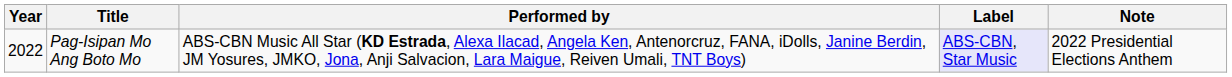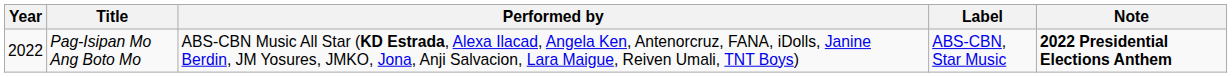 <table class="wikitable">
 <tr>
 <th>Year</th>
 <th>Title</th>
 <th>Performed by</th>
 <th>Label</th>
 <th>Note</th>
 </tr>
 <tr>
 <td>2022</td>
 <td><em>Pag-Isipan Mo Ang Boto Mo</em></td>
 <td>ABS-CBN Music All Star (<strong>KD Estrada</strong>, <a href='#'>Alexa Ilacad</a>, <a href='#'>Angela Ken</a>, Antenorcruz, FANA, iDolls, <a href='#'>Janine Berdin</a>, JM Yosures, JMKO, <a href='#'>Jona</a>, Anji Salvacion, <a href='#'>Lara Maigue</a>, Reiven Umali, <a href='#'>TNT Boys</a>)</td>
-<td style="background: lavender;"><a href='#'>ABS-CBN</a>, <a href='#'>Star Music</a></td>
-<td>2022 Presidential Elections Anthem</td>
+<td><a href='#'>ABS-CBN</a>, <a href='#'>Star Music</a></td>
+<td><strong>2022 Presidential Elections Anthem</strong></td>
 </tr>
 </table>
